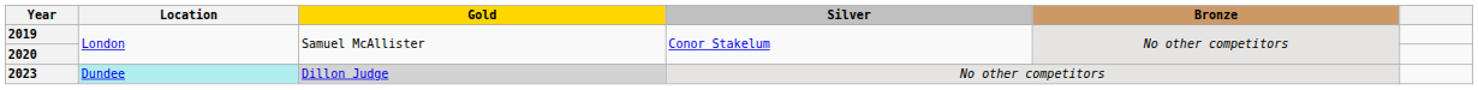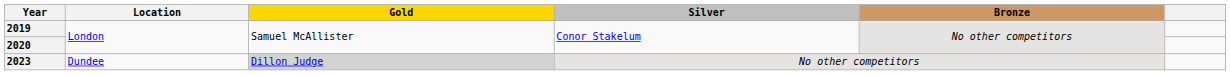 <table class="wikitable unsortable" style="text-align:left; width:80%">
 <tr>
 <th scope="col" style="text-align:center; width:5%">Year</th>
 <th scope="col" style="text-align:center; width:15%">Location</th>
 <th scope="col" style="text-align:center; width:25%; background:gold">Gold</th>
 <th scope="col" style="text-align:center; width:25%; background:silver">Silver</th>
 <th scope="col" style="text-align:center; width:25%; background:#c96">Bronze</th>
 <th scope="col" style="text-align:center; width:5%"></th>
 </tr>
 <tr>
 <th scope="row" style="text-align:left">2019</th>
 <td rowspan="2"> <a href='#'>London</a></td>
 <td rowspan="2">Samuel McAllister</td>
 <td rowspan="2"><a href='#'>Conor Stakelum</a></td>
 <td rowspan="2" align="center" bgcolor="e5e4e2"><em>No other competitors</em></td>
 <td></td>
 </tr>
 <tr>
 <th scope="row" style="text-align:left">2020</th>
 <td></td>
 </tr>
 <tr>
 <th scope="row" style="text-align:left">2023</th>
-<td style="background: paleturquoise;"> <a href='#'>Dundee</a></td>
+<td> <a href='#'>Dundee</a></td>
 <td style="background: lightgrey;"><a href='#'>Dillon Judge</a></td>
 <td colspan="2" align="center" bgcolor="e5e4e2"><em>No other competitors</em></td>
 <td></td>
 </tr>
 </table>
